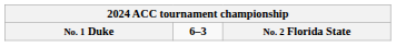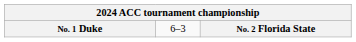 <table class="wikitable">
 <tr>
 <th style="width: 535px;" colspan=3>2024 ACC tournament championship</th>
 </tr>
 <tr>
 <th style="width: 219px; "><small>No. 1</small> Duke</th>
-<td style="width: 60px; text-align:center"><strong>6–3</strong></td>
+<td style="width: 60px; text-align:center">6–3</td>
 <th style="width: 219px; "><small>No. 2</small> Florida State</th>
 </tr>
 </table>
